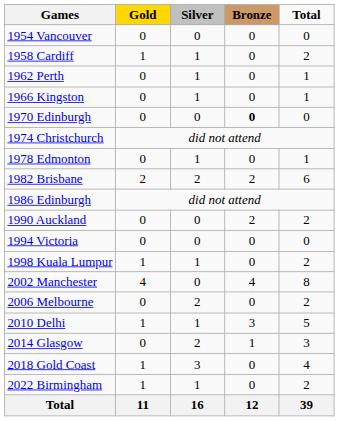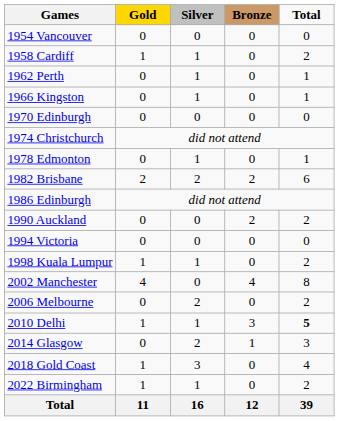 <table class="wikitable" style="text-align:center">
 <tr>
 <th>Games</th>
 <td width=60 bgcolor=gold><strong>Gold</strong></td>
 <td width=60 bgcolor=silver><strong>Silver</strong></td>
 <td width=60 bgcolor=cc9966><strong>Bronze</strong></td>
 <td width=60><strong>Total</strong></td>
 </tr>
 <tr>
 <td align=left><a href='#'>1954 Vancouver</a></td>
 <td>0</td>
 <td>0</td>
 <td>0</td>
 <td>0</td>
 </tr>
 <tr>
 <td align=left><a href='#'>1958 Cardiff</a></td>
 <td>1</td>
 <td>1</td>
 <td>0</td>
 <td>2</td>
 </tr>
 <tr>
 <td align=left><a href='#'>1962 Perth</a></td>
 <td>0</td>
 <td>1</td>
 <td>0</td>
 <td>1</td>
 </tr>
 <tr>
 <td align=left><a href='#'>1966 Kingston</a></td>
 <td>0</td>
 <td>1</td>
 <td>0</td>
 <td>1</td>
 </tr>
 <tr>
 <td align=left><a href='#'>1970 Edinburgh</a></td>
 <td>0</td>
 <td>0</td>
-<td><strong>0</strong></td>
+<td>0</td>
 <td>0</td>
 </tr>
 <tr>
 <td align=left><a href='#'>1974 Christchurch</a></td>
 <td colspan=4><em>did not attend</em></td>
 </tr>
 <tr>
 <td align=left><a href='#'>1978 Edmonton</a></td>
 <td>0</td>
 <td>1</td>
 <td>0</td>
 <td>1</td>
 </tr>
 <tr>
 <td align=left><a href='#'>1982 Brisbane</a></td>
 <td>2</td>
 <td>2</td>
 <td>2</td>
 <td>6</td>
 </tr>
 <tr>
 <td align=left><a href='#'>1986 Edinburgh</a></td>
 <td colspan=4><em>did not attend</em></td>
 </tr>
 <tr>
 <td align=left><a href='#'>1990 Auckland</a></td>
 <td>0</td>
 <td>0</td>
 <td>2</td>
 <td>2</td>
 </tr>
 <tr>
 <td align=left><a href='#'>1994 Victoria</a></td>
 <td>0</td>
 <td>0</td>
 <td>0</td>
 <td>0</td>
 </tr>
 <tr>
 <td align=left><a href='#'>1998 Kuala Lumpur</a></td>
 <td>1</td>
 <td>1</td>
 <td>0</td>
 <td>2</td>
 </tr>
 <tr>
 <td align=left><a href='#'>2002 Manchester</a></td>
 <td>4</td>
 <td>0</td>
 <td>4</td>
 <td>8</td>
 </tr>
 <tr>
 <td align=left><a href='#'>2006 Melbourne</a></td>
 <td>0</td>
 <td>2</td>
 <td>0</td>
 <td>2</td>
 </tr>
 <tr>
 <td align=left><a href='#'>2010 Delhi</a></td>
 <td>1</td>
 <td>1</td>
 <td>3</td>
-<td>5</td>
+<td><strong>5</strong></td>
 </tr>
 <tr>
 <td align=left><a href='#'>2014 Glasgow</a></td>
 <td>0</td>
 <td>2</td>
 <td>1</td>
 <td>3</td>
 </tr>
 <tr>
 <td align=left><a href='#'>2018 Gold Coast</a></td>
 <td>1</td>
 <td>3</td>
 <td>0</td>
 <td>4</td>
 </tr>
 <tr>
 <td align=left><a href='#'>2022 Birmingham</a></td>
 <td>1</td>
 <td>1</td>
 <td>0</td>
 <td>2</td>
 </tr>
 <tr>
 <th>Total</th>
 <th>11</th>
 <th>16</th>
 <th>12</th>
 <th>39</th>
 </tr>
 </table>
